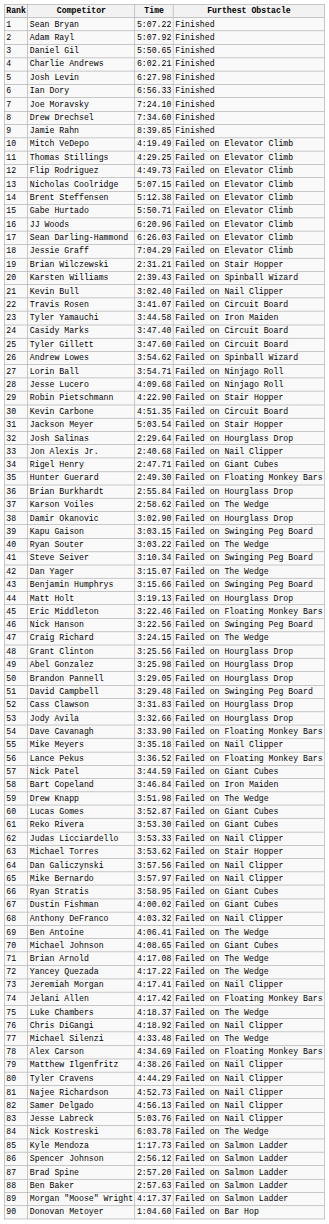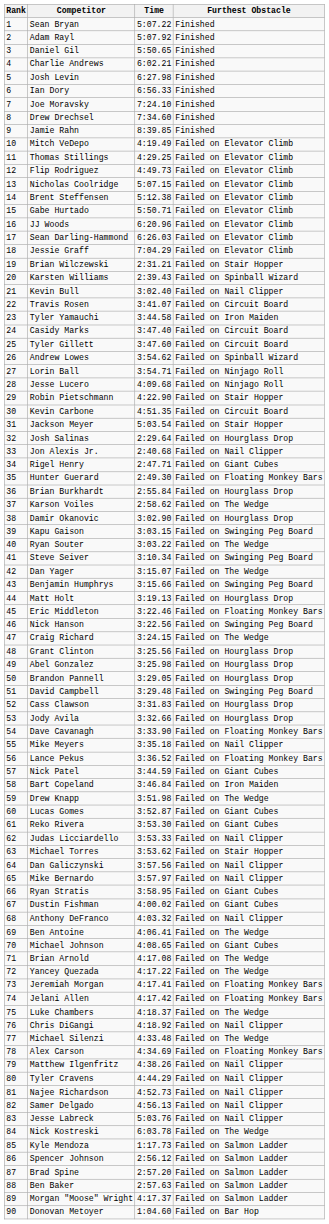 <table class="wikitable sortable">
 <tr>
 <th>Rank</th>
 <th>Competitor</th>
 <th>Time</th>
 <th>Furthest Obstacle</th>
 </tr>
 <tr>
 <td>1</td>
 <td>Sean Bryan</td>
 <td>5:07.22</td>
 <td>Finished</td>
 </tr>
 <tr>
 <td>2</td>
 <td>Adam Rayl</td>
 <td>5:07.92</td>
 <td>Finished</td>
 </tr>
 <tr>
 <td>3</td>
 <td>Daniel Gil</td>
 <td>5:50.65</td>
 <td>Finished</td>
 </tr>
 <tr>
 <td>4</td>
 <td>Charlie Andrews</td>
 <td>6:02.21</td>
 <td>Finished</td>
 </tr>
 <tr>
 <td>5</td>
 <td>Josh Levin</td>
 <td>6:27.98</td>
 <td>Finished</td>
 </tr>
 <tr>
 <td>6</td>
 <td>Ian Dory</td>
 <td>6:56.33</td>
 <td>Finished</td>
 </tr>
 <tr>
 <td>7</td>
 <td>Joe Moravsky</td>
 <td>7:24.10</td>
 <td>Finished</td>
 </tr>
 <tr>
 <td>8</td>
 <td>Drew Drechsel</td>
 <td>7:34.60</td>
 <td>Finished</td>
 </tr>
 <tr>
 <td>9</td>
 <td>Jamie Rahn</td>
 <td>8:39.85</td>
 <td>Finished</td>
 </tr>
 <tr>
 <td>10</td>
 <td>Mitch VeDepo</td>
 <td>4:19.49</td>
 <td>Failed on Elevator Climb</td>
 </tr>
 <tr>
 <td>11</td>
 <td>Thomas Stillings</td>
 <td>4:29.25</td>
 <td>Failed on Elevator Climb</td>
 </tr>
 <tr>
 <td>12</td>
 <td>Flip Rodriguez</td>
 <td>4:49.73</td>
 <td>Failed on Elevator Climb</td>
 </tr>
 <tr>
 <td>13</td>
 <td>Nicholas Coolridge</td>
 <td>5:07.15</td>
 <td>Failed on Elevator Climb</td>
 </tr>
 <tr>
 <td>14</td>
 <td>Brent Steffensen</td>
 <td>5:12.38</td>
 <td>Failed on Elevator Climb</td>
 </tr>
 <tr>
 <td>15</td>
 <td>Gabe Hurtado</td>
 <td>5:50.71</td>
 <td>Failed on Elevator Climb</td>
 </tr>
 <tr>
 <td>16</td>
 <td>JJ Woods</td>
 <td>6:20.96</td>
 <td>Failed on Elevator Climb</td>
 </tr>
 <tr>
 <td>17</td>
 <td>Sean Darling-Hammond</td>
 <td>6:26.03</td>
 <td>Failed on Elevator Climb</td>
 </tr>
 <tr>
 <td>18</td>
 <td>Jessie Graff</td>
 <td>7:04.29</td>
 <td>Failed on Elevator Climb</td>
 </tr>
 <tr>
 <td>19</td>
 <td>Brian Wilczewski</td>
 <td>2:31.21</td>
 <td>Failed on Stair Hopper</td>
 </tr>
 <tr>
 <td>20</td>
 <td>Karsten Williams</td>
 <td>2:39.43</td>
 <td>Failed on Spinball Wizard</td>
 </tr>
 <tr>
 <td>21</td>
 <td>Kevin Bull</td>
 <td>3:02.40</td>
 <td>Failed on Nail Clipper</td>
 </tr>
 <tr>
 <td>22</td>
 <td>Travis Rosen</td>
 <td>3:41.07</td>
 <td>Failed on Circuit Board</td>
 </tr>
 <tr>
 <td>23</td>
 <td>Tyler Yamauchi</td>
 <td>3:44.58</td>
 <td>Failed on Iron Maiden</td>
 </tr>
 <tr>
 <td>24</td>
 <td>Casidy Marks</td>
 <td>3:47.40</td>
 <td>Failed on Circuit Board</td>
 </tr>
 <tr>
 <td>25</td>
 <td>Tyler Gillett</td>
 <td>3:47.60</td>
 <td>Failed on Circuit Board</td>
 </tr>
 <tr>
 <td>26</td>
 <td>Andrew Lowes</td>
 <td>3:54.62</td>
 <td>Failed on Spinball Wizard</td>
 </tr>
 <tr>
 <td>27</td>
 <td>Lorin Ball</td>
 <td>3:54.71</td>
 <td>Failed on Ninjago Roll</td>
 </tr>
 <tr>
 <td>28</td>
 <td>Jesse Lucero</td>
 <td>4:09.68</td>
 <td>Failed on Ninjago Roll</td>
 </tr>
 <tr>
 <td>29</td>
 <td>Robin Pietschmann</td>
 <td>4:22.90</td>
 <td>Failed on Stair Hopper</td>
 </tr>
 <tr>
 <td>30</td>
 <td>Kevin Carbone</td>
 <td>4:51.35</td>
 <td>Failed on Circuit Board</td>
 </tr>
 <tr>
 <td>31</td>
 <td>Jackson Meyer</td>
 <td>5:03.54</td>
 <td>Failed on Stair Hopper</td>
 </tr>
 <tr>
 <td>32</td>
 <td>Josh Salinas</td>
 <td>2:29.64</td>
 <td>Failed on Hourglass Drop</td>
 </tr>
 <tr>
 <td>33</td>
 <td>Jon Alexis Jr.</td>
 <td>2:40.68</td>
 <td>Failed on Nail Clipper</td>
 </tr>
 <tr>
 <td>34</td>
 <td>Rigel Henry</td>
 <td>2:47.71</td>
 <td>Failed on Giant Cubes</td>
 </tr>
 <tr>
 <td>35</td>
 <td>Hunter Guerard</td>
 <td>2:49.30</td>
 <td>Failed on Floating Monkey Bars</td>
 </tr>
 <tr>
 <td>36</td>
 <td>Brian Burkhardt</td>
 <td>2:55.84</td>
 <td>Failed on Hourglass Drop</td>
 </tr>
 <tr>
 <td>37</td>
 <td>Karson Voiles</td>
 <td>2:58.62</td>
 <td>Failed on The Wedge</td>
 </tr>
 <tr>
 <td>38</td>
 <td>Damir Okanovic</td>
 <td>3:02.90</td>
 <td>Failed on Hourglass Drop</td>
 </tr>
 <tr>
 <td>39</td>
 <td>Kapu Gaison</td>
 <td>3:03.15</td>
 <td>Failed on Swinging Peg Board</td>
 </tr>
 <tr>
 <td>40</td>
 <td>Ryan Souter</td>
 <td>3:03.22</td>
 <td>Failed on The Wedge</td>
 </tr>
 <tr>
 <td>41</td>
 <td>Steve Seiver</td>
 <td>3:10.34</td>
 <td>Failed on Swinging Peg Board</td>
 </tr>
 <tr>
 <td>42</td>
 <td>Dan Yager</td>
 <td>3:15.07</td>
 <td>Failed on The Wedge</td>
 </tr>
 <tr>
 <td>43</td>
 <td>Benjamin Humphrys</td>
 <td>3:15.66</td>
 <td>Failed on Swinging Peg Board</td>
 </tr>
 <tr>
 <td>44</td>
 <td>Matt Holt</td>
 <td>3:19.13</td>
 <td>Failed on Hourglass Drop</td>
 </tr>
 <tr>
 <td>45</td>
 <td>Eric Middleton</td>
 <td>3:22.46</td>
 <td>Failed on Floating Monkey Bars</td>
 </tr>
 <tr>
 <td>46</td>
 <td>Nick Hanson</td>
 <td>3:22.56</td>
 <td>Failed on Swinging Peg Board</td>
 </tr>
 <tr>
 <td>47</td>
 <td>Craig Richard</td>
 <td>3:24.15</td>
 <td>Failed on The Wedge</td>
 </tr>
 <tr>
 <td>48</td>
 <td>Grant Clinton</td>
 <td>3:25.56</td>
 <td>Failed on Hourglass Drop</td>
 </tr>
 <tr>
 <td>49</td>
 <td>Abel Gonzalez</td>
 <td>3:25.98</td>
 <td>Failed on Hourglass Drop</td>
 </tr>
 <tr>
 <td>50</td>
 <td>Brandon Pannell</td>
 <td>3:29.05</td>
 <td>Failed on Hourglass Drop</td>
 </tr>
 <tr>
 <td>51</td>
 <td>David Campbell</td>
 <td>3:29.48</td>
 <td>Failed on Swinging Peg Board</td>
 </tr>
 <tr>
 <td>52</td>
 <td>Cass Clawson</td>
 <td>3:31.83</td>
 <td>Failed on Hourglass Drop</td>
 </tr>
 <tr>
 <td>53</td>
 <td>Jody Avila</td>
 <td>3:32.66</td>
 <td>Failed on Hourglass Drop</td>
 </tr>
 <tr>
 <td>54</td>
 <td>Dave Cavanagh</td>
 <td>3:33.90</td>
 <td>Failed on Floating Monkey Bars</td>
 </tr>
 <tr>
 <td>55</td>
 <td>Mike Meyers</td>
 <td>3:35.18</td>
 <td>Failed on Nail Clipper</td>
 </tr>
 <tr>
 <td>56</td>
 <td>Lance Pekus</td>
 <td>3:36.52</td>
 <td>Failed on Floating Monkey Bars</td>
 </tr>
 <tr>
 <td>57</td>
 <td>Nick Patel</td>
 <td>3:44.59</td>
 <td>Failed on Giant Cubes</td>
 </tr>
 <tr>
 <td>58</td>
 <td>Bart Copeland</td>
 <td>3:46.84</td>
 <td>Failed on Iron Maiden</td>
 </tr>
 <tr>
 <td>59</td>
 <td>Drew Knapp</td>
 <td>3:51.98</td>
 <td>Failed on The Wedge</td>
 </tr>
 <tr>
 <td>60</td>
 <td>Lucas Gomes</td>
 <td>3:52.87</td>
 <td>Failed on Giant Cubes</td>
 </tr>
 <tr>
 <td>61</td>
 <td>Reko Rivera</td>
 <td>3:53.30</td>
 <td>Failed on Giant Cubes</td>
 </tr>
 <tr>
 <td>62</td>
 <td>Judas Licciardello</td>
 <td>3:53.33</td>
 <td>Failed on Nail Clipper</td>
 </tr>
 <tr>
 <td>63</td>
 <td>Michael Torres</td>
 <td>3:53.62</td>
 <td>Failed on Stair Hopper</td>
 </tr>
 <tr>
 <td>64</td>
 <td>Dan Galiczynski</td>
 <td>3:57.56</td>
 <td>Failed on Nail Clipper</td>
 </tr>
 <tr>
 <td>65</td>
 <td>Mike Bernardo</td>
 <td>3:57.97</td>
 <td>Failed on Nail Clipper</td>
 </tr>
 <tr>
 <td>66</td>
 <td>Ryan Stratis</td>
 <td>3:58.95</td>
 <td>Failed on Giant Cubes</td>
 </tr>
 <tr>
 <td>67</td>
 <td>Dustin Fishman</td>
 <td>4:00.02</td>
 <td>Failed on Giant Cubes</td>
 </tr>
 <tr>
 <td>68</td>
 <td>Anthony DeFranco</td>
 <td>4:03.32</td>
 <td>Failed on Nail Clipper</td>
 </tr>
 <tr>
 <td>69</td>
 <td>Ben Antoine</td>
 <td>4:06.41</td>
 <td>Failed on The Wedge</td>
 </tr>
 <tr>
 <td>70</td>
 <td>Michael Johnson</td>
 <td>4:08.65</td>
 <td>Failed on Giant Cubes</td>
 </tr>
 <tr>
 <td>71</td>
 <td>Brian Arnold</td>
 <td>4:17.08</td>
 <td>Failed on The Wedge</td>
 </tr>
 <tr>
 <td>72</td>
 <td>Yancey Quezada</td>
 <td>4:17.22</td>
 <td>Failed on The Wedge</td>
 </tr>
 <tr>
 <td>73</td>
 <td>Jeremiah Morgan</td>
 <td>4:17.41</td>
-<td>Failed on Nail Clipper</td>
+<td>Failed on Floating Monkey Bars</td>
 </tr>
 <tr>
 <td>74</td>
 <td>Jelani Allen</td>
 <td>4:17.42</td>
 <td>Failed on Floating Monkey Bars</td>
 </tr>
 <tr>
 <td>75</td>
 <td>Luke Chambers</td>
 <td>4:18.37</td>
 <td>Failed on The Wedge</td>
 </tr>
 <tr>
 <td>76</td>
 <td>Chris DiGangi</td>
 <td>4:18.92</td>
 <td>Failed on Nail Clipper</td>
 </tr>
 <tr>
 <td>77</td>
 <td>Michael Silenzi</td>
 <td>4:33.48</td>
 <td>Failed on The Wedge</td>
 </tr>
 <tr>
 <td>78</td>
 <td>Alex Carson</td>
 <td>4:34.69</td>
 <td>Failed on Floating Monkey Bars</td>
 </tr>
 <tr>
 <td>79</td>
 <td>Matthew Ilgenfritz</td>
 <td>4:38.26</td>
 <td>Failed on Nail Clipper</td>
 </tr>
 <tr>
 <td>80</td>
 <td>Tyler Cravens</td>
 <td>4:44.29</td>
 <td>Failed on Nail Clipper</td>
 </tr>
 <tr>
 <td>81</td>
 <td>Najee Richardson</td>
 <td>4:52.73</td>
 <td>Failed on Nail Clipper</td>
 </tr>
 <tr>
 <td>82</td>
 <td>Samer Delgado</td>
 <td>4:56.13</td>
 <td>Failed on Nail Clipper</td>
 </tr>
 <tr>
 <td>83</td>
 <td>Jesse Labreck</td>
 <td>5:03.76</td>
 <td>Failed on Nail Clipper</td>
 </tr>
 <tr>
 <td>84</td>
 <td>Nick Kostreski</td>
 <td>6:03.78</td>
 <td>Failed on The Wedge</td>
 </tr>
 <tr>
 <td>85</td>
 <td>Kyle Mendoza</td>
 <td>1:17.73</td>
 <td>Failed on Salmon Ladder</td>
 </tr>
 <tr>
 <td>86</td>
 <td>Spencer Johnson</td>
 <td>2:56.12</td>
 <td>Failed on Salmon Ladder</td>
 </tr>
 <tr>
 <td>87</td>
 <td>Brad Spine</td>
 <td>2:57.20</td>
 <td>Failed on Salmon Ladder</td>
 </tr>
 <tr>
 <td>88</td>
 <td>Ben Baker</td>
 <td>2:57.63</td>
 <td>Failed on Salmon Ladder</td>
 </tr>
 <tr>
 <td>89</td>
 <td>Morgan "Moose" Wright</td>
 <td>4:17.37</td>
 <td>Failed on Salmon Ladder</td>
 </tr>
 <tr>
 <td>90</td>
 <td>Donovan Metoyer</td>
 <td>1:04.60</td>
 <td>Failed on Bar Hop</td>
 </tr>
 </table>
